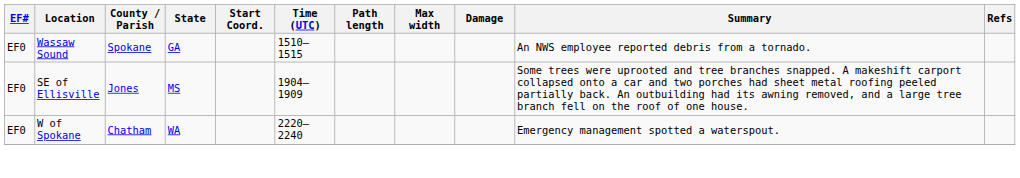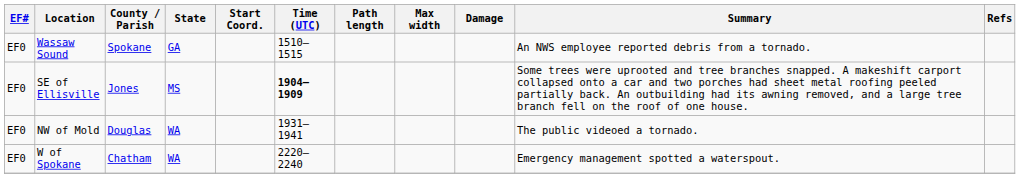 <table class="wikitable sortable" style="width:100%;">
 <tr>
 <th scope="col" width="3%" align="center"><a href='#'>EF#</a></th>
 <th scope="col" width="7%" align="center" class="unsortable">Location</th>
 <th scope="col" width="6%" align="center" class="unsortable">County / Parish</th>
 <th scope="col" width="5%" align="center">State</th>
 <th scope="col" width="6%" align="center">Start Coord.</th>
 <th scope="col" width="6%" align="center">Time (<a href='#'>UTC</a>)</th>
 <th scope="col" width="6%" align="center">Path length</th>
 <th scope="col" width="6%" align="center">Max width</th>
 <th scope="col" width="6%" align="center">Damage</th>
 <th scope="col" width="48%" class="unsortable" align="center">Summary</th>
 <th scope="col" width="48%" class="unsortable" align="center">Refs</th>
 </tr>
 <tr>
 <td>EF0</td>
 <td><a href='#'>Wassaw Sound</a></td>
 <td><a href='#'>Spokane</a></td>
 <td><a href='#'>GA</a></td>
 <td></td>
 <td>1510–1515</td>
 <td></td>
 <td></td>
 <td></td>
 <td>An NWS employee reported debris from a tornado.</td>
 <td></td>
 </tr>
 <tr>
 <td>EF0</td>
 <td>SE of <a href='#'>Ellisville</a></td>
 <td><a href='#'>Jones</a></td>
 <td><a href='#'>MS</a></td>
 <td></td>
-<td>1904–1909</td>
+<td><strong>1904–1909</strong></td>
 <td></td>
 <td></td>
 <td></td>
 <td>Some trees were uprooted and tree branches snapped. A makeshift carport collapsed onto a car and two porches had sheet metal roofing peeled partially back. An outbuilding had its awning removed, and a large tree branch fell on the roof of one house.</td>
+<td></td>
+</tr>
+<tr>
+<td>EF0</td>
+<td>NW of Mold</td>
+<td><a href='#'>Douglas</a></td>
+<td><a href='#'>WA</a></td>
+<td></td>
+<td>1931–1941</td>
+<td></td>
+<td></td>
+<td></td>
+<td>The public videoed a tornado.</td>
 <td></td>
 </tr>
 <tr>
 <td>EF0</td>
 <td>W of <a href='#'>Spokane</a></td>
 <td><a href='#'>Chatham</a></td>
 <td><a href='#'>WA</a></td>
 <td></td>
 <td>2220–2240</td>
 <td></td>
 <td></td>
 <td></td>
 <td>Emergency management spotted a waterspout.</td>
 <td></td>
 </tr>
 <tr>
 </tr>
 </table>
